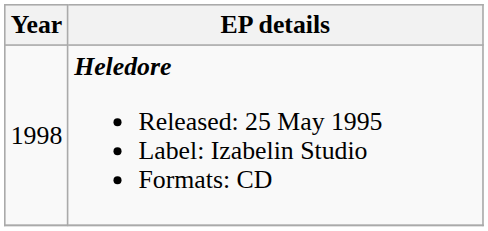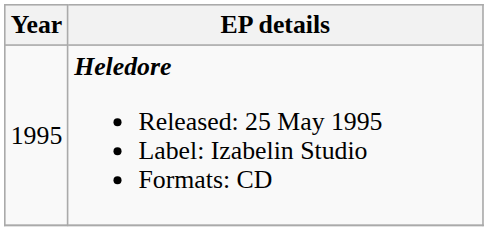 <table class=wikitable style=text-align:center;>
 <tr>
 <th>Year</th>
 <th width=250px>EP details</th>
 </tr>
 <tr>
-<td>1998</td>
+<td>1995</td>
 <td align=left><strong><em>Heledore</em></strong><br><ul><li>Released: 25 May 1995</li><li>Label: Izabelin Studio</li><li>Formats: CD</li></ul></td>
 </tr>
 <tr>
 </tr>
 </table>
